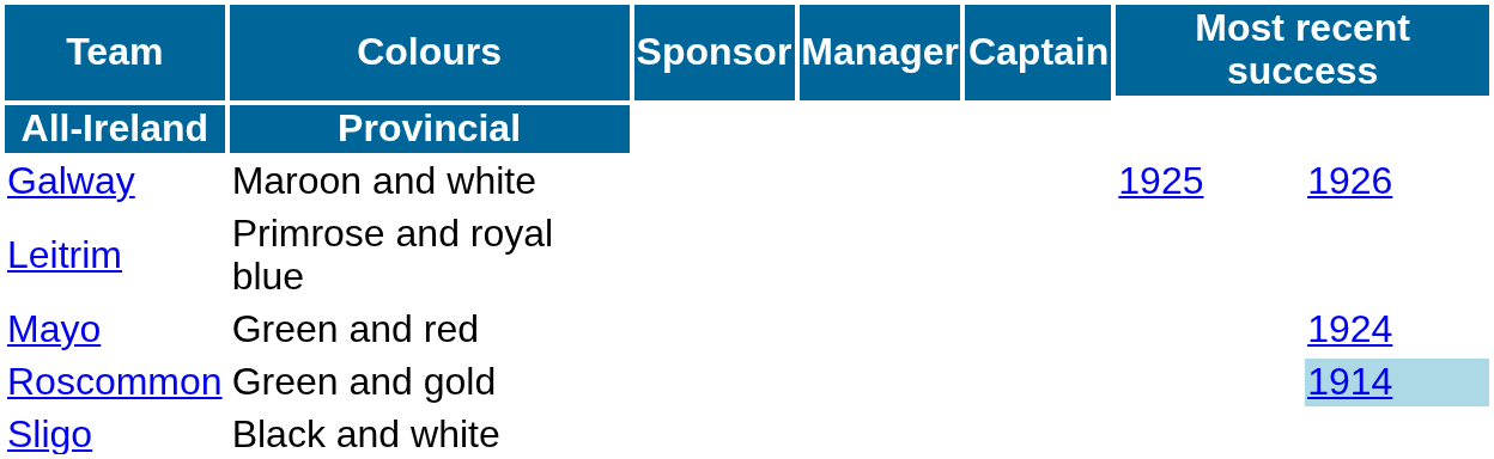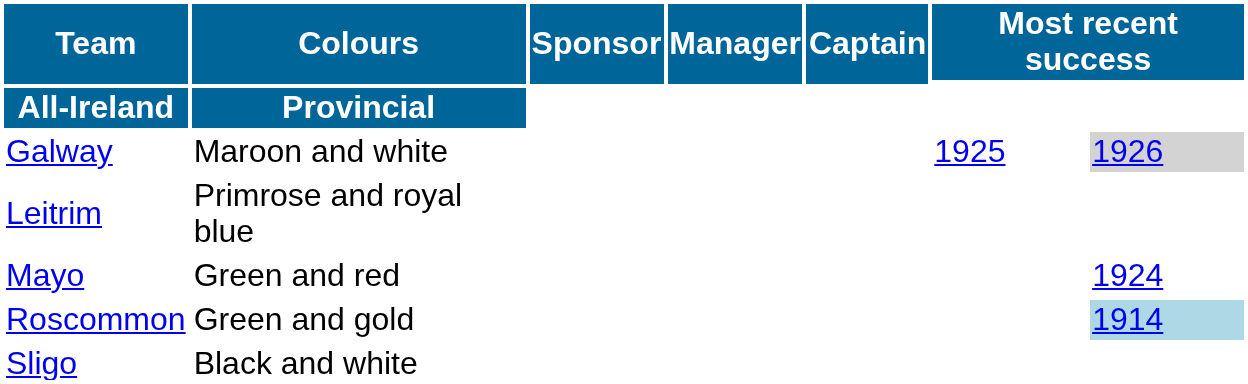 <table cellpadding="1" 1px #aaa 90%;">
 <tr style="background:#069; color:white;">
 <th rowspan="2">Team</th>
 <th rowspan="2">Colours</th>
 <th rowspan="2">Sponsor</th>
 <th rowspan="2">Manager</th>
 <th rowspan="2">Captain</th>
 <th colspan="2">Most recent success</th>
 </tr>
 <tr>
 </tr>
 <tr style="background:#069; color:white;">
 <th>All-Ireland</th>
 <th>Provincial</th>
 </tr>
 <tr>
 <td><a href='#'>Galway</a></td>
 <td> Maroon and white</td>
 <td></td>
 <td></td>
 <td></td>
 <td><div><a href='#'>1925</a></div></td>
-<td><div><a href='#'>1926</a></div></td>
+<td style="background: lightgrey;"><div><a href='#'>1926</a></div></td>
 </tr>
 <tr>
 <td><a href='#'>Leitrim</a></td>
 <td> Primrose and royal blue</td>
 <td></td>
 <td></td>
 <td></td>
 <td></td>
 <td></td>
 </tr>
 <tr>
 <td><a href='#'>Mayo</a></td>
 <td> Green and red</td>
 <td></td>
 <td></td>
 <td><a href='#'></a></td>
 <td></td>
 <td><div><a href='#'>1924</a></div></td>
 </tr>
 <tr>
 <td><a href='#'>Roscommon</a></td>
 <td> Green and gold</td>
 <td></td>
 <td><a href='#'></a></td>
 <td></td>
 <td><div></div></td>
 <td style="background: lightblue;"><div><a href='#'>1914</a></div></td>
 </tr>
 <tr>
 <td><a href='#'>Sligo</a></td>
 <td> Black and white</td>
 <td></td>
 <td></td>
 <td></td>
 <td></td>
 <td></td>
 </tr>
 </table>
